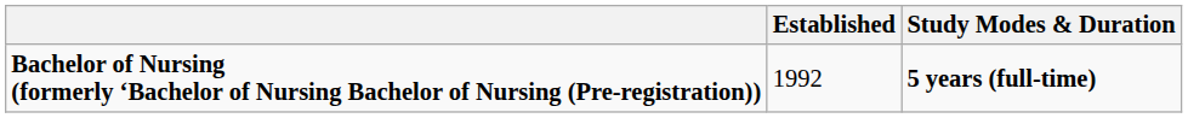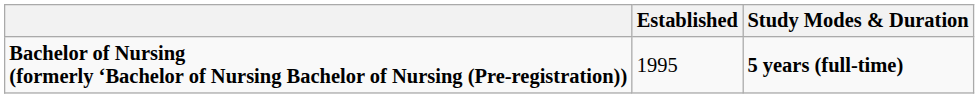 <table class="wikitable">
 <tr>
 <th></th>
 <th>Established</th>
 <th>Study Modes & Duration</th>
 </tr>
 <tr>
 <td><strong>Bachelor of Nursing</strong><br><strong>(formerly ‘Bachelor of Nursing Bachelor of Nursing (Pre-registration))</strong></td>
-<td>1992</td>
+<td>1995</td>
 <td><strong>5 years (full-time)</strong></td>
 </tr>
 </table>
